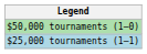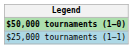 <table class="wikitable" style="font-size:85%">
 <tr>
 <th>Legend</th>
 </tr>
 <tr style="background:#addfad;">
-<td>$50,000 tournaments (1–0)</td>
+<td><strong>$50,000 tournaments (1–0)</strong></td>
 </tr>
 <tr style="background:lightblue;">
 <td>$25,000 tournaments (1–1)</td>
 </tr>
 </table>
